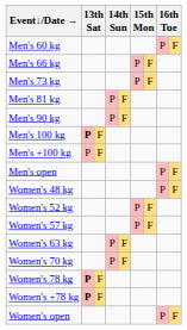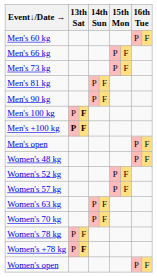 <table class="wikitable" style="margin:0.5em auto; font-size:90%; line-height:1.25em; text-align:center;">
 <tr>
 <th>Event↓/Date →</th>
 <th colspan=2>13th<br>Sat</th>
 <th colspan=2>14th<br>Sun</th>
 <th colspan=2>15th<br>Mon</th>
 <th colspan=2>16th<br>Tue</th>
 </tr>
 <tr>
 <td align="left"><a href='#'>Men's 60 kg</a></td>
 <td colspan=2></td>
 <td colspan=2></td>
 <td colspan=2></td>
 <td bgcolor="#FFBBBB">P</td>
 <td bgcolor="#FFDF80">F</td>
 </tr>
 <tr>
 <td align="left"><a href='#'>Men's 66 kg</a></td>
 <td colspan=2></td>
 <td colspan=2></td>
 <td bgcolor="#FFBBBB">P</td>
 <td bgcolor="#FFDF80">F</td>
 <td colspan=2></td>
 </tr>
 <tr>
 <td align="left"><a href='#'>Men's 73 kg</a></td>
 <td colspan=2></td>
 <td colspan=2></td>
 <td bgcolor="#FFBBBB">P</td>
 <td bgcolor="#FFDF80">F</td>
 <td colspan=2></td>
 </tr>
 <tr>
 <td align="left"><a href='#'>Men's 81 kg</a></td>
 <td colspan=2></td>
 <td bgcolor="#FFBBBB">P</td>
 <td bgcolor="#FFDF80">F</td>
 <td colspan=2></td>
 <td colspan=2></td>
 </tr>
 <tr>
 <td align="left"><a href='#'>Men's 90 kg</a></td>
 <td colspan=2></td>
 <td bgcolor="#FFBBBB">P</td>
 <td bgcolor="#FFDF80">F</td>
 <td colspan=2></td>
 <td colspan=2></td>
 </tr>
 <tr>
 <td align="left"><a href='#'>Men's 100 kg</a></td>
-<td bgcolor="#FFBBBB"><strong>P</strong></td>
-<td bgcolor="#FFDF80">F</td>
+<td bgcolor="#FFBBBB">P</td>
+<td bgcolor="#FFDF80"><strong>F</strong></td>
 <td colspan=2></td>
 <td colspan=2></td>
 <td colspan=2></td>
 </tr>
 <tr>
 <td align="left"><a href='#'>Men's +100 kg</a></td>
-<td bgcolor="#FFBBBB">P</td>
-<td bgcolor="#FFDF80">F</td>
+<td bgcolor="#FFBBBB"><strong>P</strong></td>
+<td bgcolor="#FFDF80"><strong>F</strong></td>
 <td colspan=2></td>
 <td colspan=2></td>
 <td colspan=2></td>
 </tr>
 <tr>
 <td align="left"><a href='#'>Men's open</a></td>
 <td colspan=2></td>
 <td colspan=2></td>
 <td colspan=2></td>
 <td bgcolor="#FFBBBB">P</td>
 <td bgcolor="#FFDF80">F</td>
 </tr>
 <tr>
 <td align="left"><a href='#'>Women's 48 kg</a></td>
 <td colspan=2></td>
 <td colspan=2></td>
 <td colspan=2></td>
 <td bgcolor="#FFBBBB">P</td>
 <td bgcolor="#FFDF80">F</td>
 </tr>
 <tr>
 <td align="left"><a href='#'>Women's 52 kg</a></td>
 <td colspan=2></td>
 <td colspan=2></td>
 <td bgcolor="#FFBBBB">P</td>
 <td bgcolor="#FFDF80">F</td>
 <td colspan=2></td>
 </tr>
 <tr>
 <td align="left"><a href='#'>Women's 57 kg</a></td>
 <td colspan=2></td>
 <td colspan=2></td>
 <td bgcolor="#FFBBBB">P</td>
 <td bgcolor="#FFDF80">F</td>
 <td colspan=2></td>
 </tr>
 <tr>
 <td align="left"><a href='#'>Women's 63 kg</a></td>
 <td colspan=2></td>
 <td bgcolor="#FFBBBB">P</td>
 <td bgcolor="#FFDF80">F</td>
 <td colspan=2></td>
 <td colspan=2></td>
 </tr>
 <tr>
 <td align="left"><a href='#'>Women's 70 kg</a></td>
 <td colspan=2></td>
 <td bgcolor="#FFBBBB">P</td>
 <td bgcolor="#FFDF80">F</td>
 <td colspan=2></td>
 <td colspan=2></td>
 </tr>
 <tr>
 <td align="left"><a href='#'>Women's 78 kg</a></td>
-<td bgcolor="#FFBBBB"><strong>P</strong></td>
+<td bgcolor="#FFBBBB">P</td>
 <td bgcolor="#FFDF80">F</td>
 <td colspan=2></td>
 <td colspan=2></td>
 <td colspan=2></td>
 </tr>
 <tr>
 <td align="left"><a href='#'>Women's +78 kg</a></td>
-<td bgcolor="#FFBBBB"><strong>P</strong></td>
-<td bgcolor="#FFDF80">F</td>
+<td bgcolor="#FFBBBB">P</td>
+<td bgcolor="#FFDF80"><strong>F</strong></td>
 <td colspan=2></td>
 <td colspan=2></td>
 <td colspan=2></td>
 </tr>
 <tr>
 <td align="left"><a href='#'>Women's open</a></td>
 <td colspan=2></td>
 <td colspan=2></td>
 <td colspan=2></td>
 <td bgcolor="#FFBBBB">P</td>
 <td bgcolor="#FFDF80">F</td>
 </tr>
 </table>
